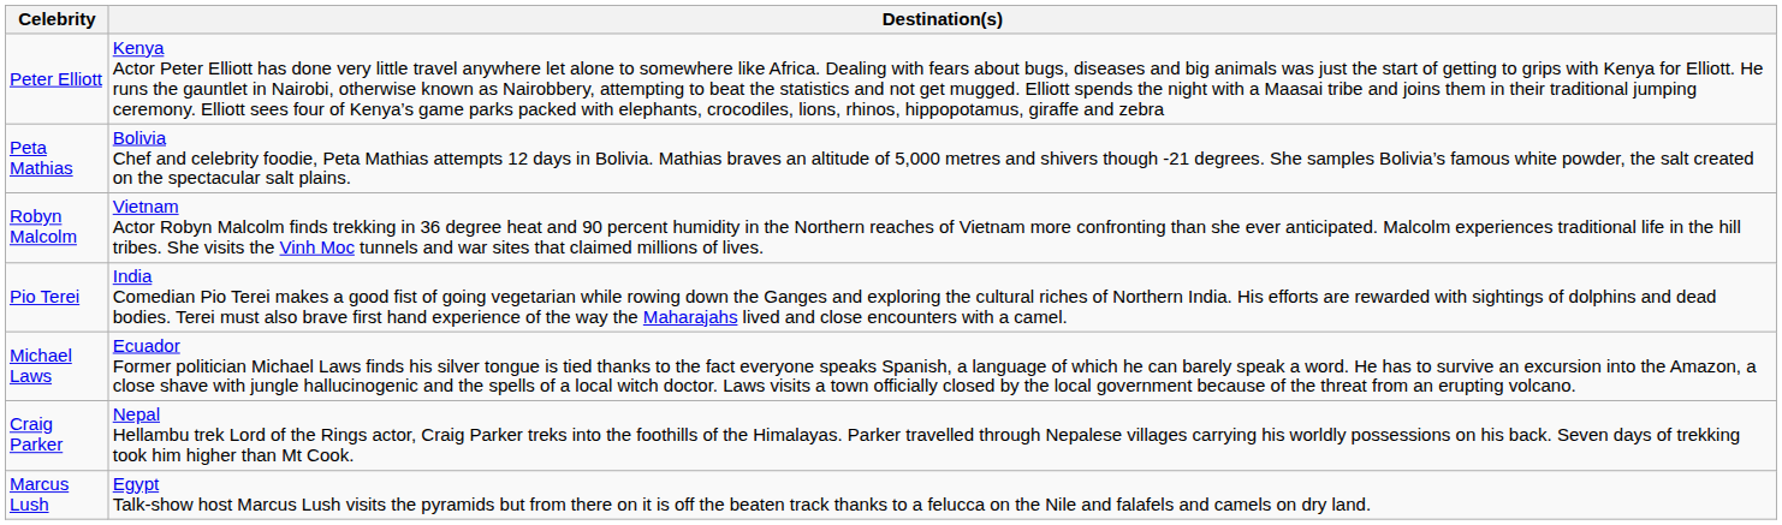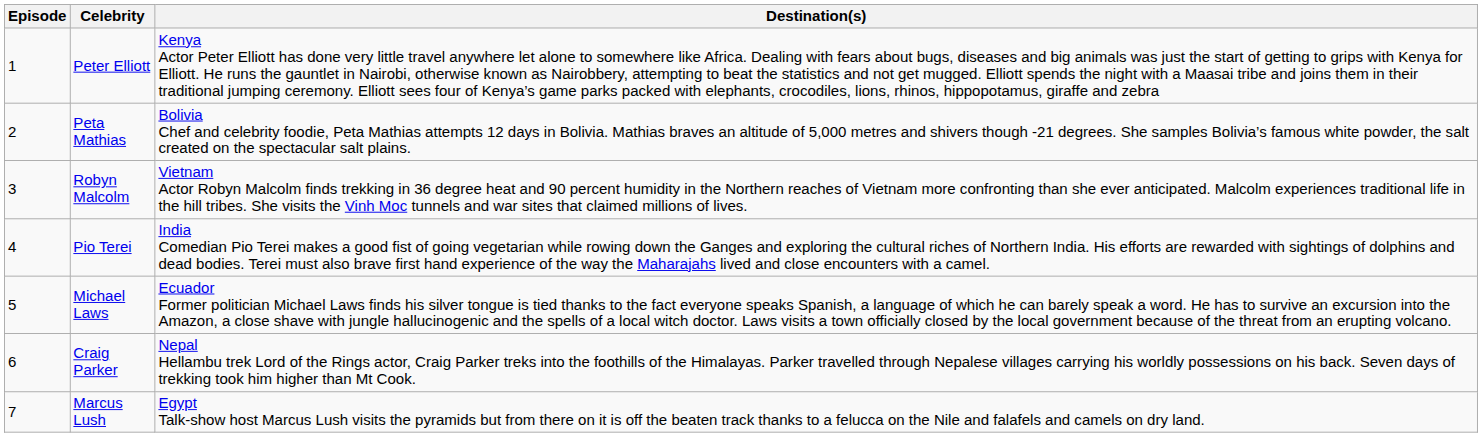 <table class="wikitable">
 <tr>
+<th>Episode</th>
 <th>Celebrity</th>
 <th>Destination(s)</th>
 </tr>
 <tr>
+<td>1</td>
 <td><a href='#'>Peter Elliott</a></td>
 <td><a href='#'>Kenya</a><br>Actor Peter Elliott has done very little travel anywhere let alone to somewhere like Africa.  Dealing with fears about bugs, diseases and big animals was just the start of getting to grips with Kenya for Elliott.  He runs the gauntlet in Nairobi, otherwise known as Nairobbery, attempting to beat the statistics and not get mugged.   Elliott spends the night with a Maasai tribe and joins them in their traditional jumping ceremony. Elliott sees four of Kenya’s game parks packed with elephants, crocodiles, lions, rhinos, hippopotamus, giraffe and zebra</td>
 </tr>
 <tr>
+<td>2</td>
 <td><a href='#'>Peta Mathias</a></td>
 <td><a href='#'>Bolivia</a><br>Chef and celebrity foodie, Peta Mathias attempts 12 days in Bolivia. Mathias braves an altitude of 5,000 metres and shivers though -21 degrees.  She samples Bolivia’s famous white powder, the salt created on the spectacular salt plains.</td>
 </tr>
 <tr>
+<td>3</td>
 <td><a href='#'>Robyn Malcolm</a></td>
 <td><a href='#'>Vietnam</a><br>Actor Robyn Malcolm finds trekking in 36 degree heat and 90 percent humidity in the Northern reaches of Vietnam more confronting than she ever anticipated.  Malcolm experiences traditional life in the hill tribes.  She visits the <a href='#'>Vinh Moc</a> tunnels and war sites that claimed millions of lives.</td>
 </tr>
 <tr>
+<td>4</td>
 <td><a href='#'>Pio Terei</a></td>
 <td><a href='#'>India</a><br>Comedian Pio Terei makes a good fist of going vegetarian while rowing down the Ganges and exploring the cultural riches of Northern India.  His efforts are rewarded with sightings of dolphins and dead bodies.  Terei must also brave first hand experience of the way the <a href='#'>Maharajahs</a> lived and close encounters with a camel.</td>
 </tr>
 <tr>
+<td>5</td>
 <td><a href='#'>Michael Laws</a></td>
 <td><a href='#'>Ecuador</a><br>Former politician Michael Laws finds his silver tongue is tied thanks to the fact everyone speaks Spanish, a language of which he can barely speak a word. He has to survive an excursion into the Amazon, a close shave with jungle hallucinogenic and the spells of a local witch doctor.  Laws visits a town officially closed by the local government because of the threat from an erupting volcano.</td>
 </tr>
 <tr>
+<td>6</td>
 <td><a href='#'>Craig Parker</a></td>
 <td><a href='#'>Nepal</a><br>Hellambu trek Lord of the Rings actor, Craig Parker treks into the foothills of the Himalayas. Parker travelled through Nepalese villages carrying his worldly possessions on his back.  Seven days of trekking took him higher than Mt Cook.</td>
 </tr>
 <tr>
+<td>7</td>
 <td><a href='#'>Marcus Lush</a></td>
 <td><a href='#'>Egypt</a><br>Talk-show host Marcus Lush visits the pyramids but from there on it is off the beaten track thanks to a felucca on the Nile and falafels and camels on dry land.</td>
 </tr>
 </table>
